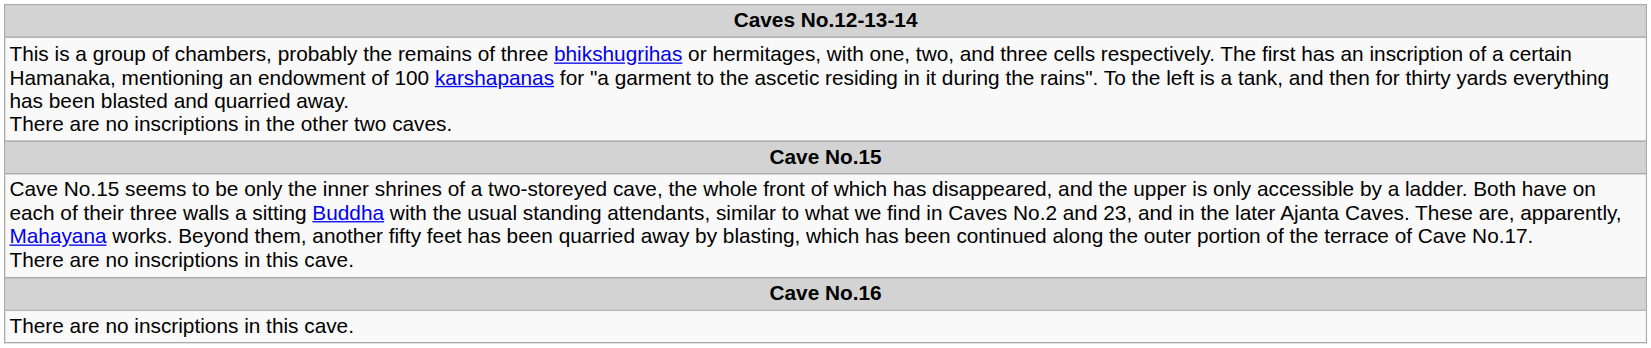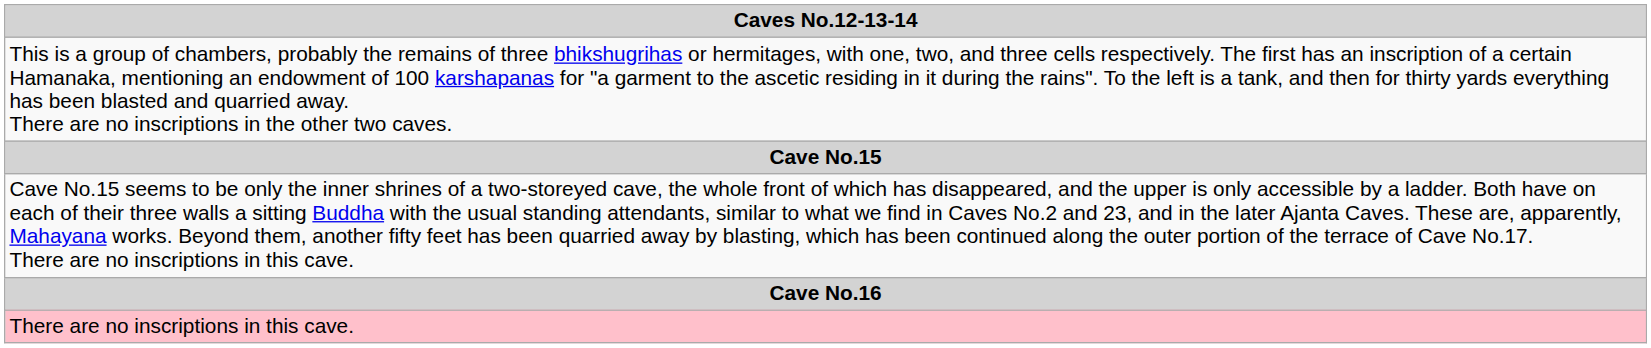 <table class="wikitable" style="margin:0 auto;"  align="center"  colspan="2" cellpadding="3" style="font-size: 80%; width: 100%;">
 <tr>
 <td align=center colspan=2 style="background:#D3D3D3; font-size: 100%;"><strong>Caves No.12-13-14</strong></td>
 </tr>
 <tr>
 <td>This is a group of chambers, probably the remains of three <a href='#'>bhikshugrihas</a> or hermitages, with one, two, and three cells respectively. The first has an inscription of a certain Hamanaka, mentioning an endowment of 100 <a href='#'>karshapanas</a> for "a garment to the ascetic residing in it during the rains". To the left is a tank, and then for thirty yards everything has been blasted and quarried away.<br>There are no inscriptions in the other two caves.<br> </td>
 </tr>
 <tr>
 <td align=center colspan=2 style="background:#D3D3D3; font-size: 100%;"><strong>Cave No.15</strong></td>
 </tr>
 <tr>
 <td>Cave No.15 seems to be only the inner shrines of a two-storeyed cave, the whole front of which has disappeared, and the upper is only accessible by a ladder. Both have on each of their three walls a sitting <a href='#'>Buddha</a> with the usual standing attendants, similar to what we find in Caves No.2 and 23, and in the later Ajanta Caves. These are, apparently, <a href='#'>Mahayana</a> works. Beyond them, another fifty feet has been quarried away by blasting, which has been continued along the outer portion of the terrace of Cave No.17.<br>There are no inscriptions in this cave. </td>
 </tr>
 <tr>
 <td align=center colspan=2 style="background:#D3D3D3; font-size: 100%;"><strong>Cave No.16</strong></td>
 </tr>
 <tr>
-<td>There are no inscriptions in this cave.</td>
+<td style="background: pink;">There are no inscriptions in this cave.</td>
 </tr>
 </table>
